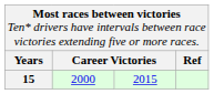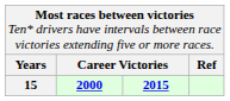 <table class="wikitable">
 <tr>
 <td style="background:#F2F2F2;" align="center" colspan="7"><strong>Most races between victories</strong><br><em>Ten* drivers have intervals between race<br>victories extending five or more races.</em></td>
 </tr>
 <tr>
 <td style="background:#F2F2F2;" align="center"><strong>Years</strong></td>
 <td style="background:#F2F2F2;" align="center" colspan="2"><strong>Career Victories</strong></td>
 <td style="background:#F2F2F2;" align="center"><strong>Ref</strong></td>
 </tr>
 <tr>
 <td style="background:#F2F2F2;" align="center"><strong>15</strong></td>
-<td style="background:#DFFFDF;" align="center"><a href='#'>2000</a></td>
-<td style="background:#DFFFDF;" align="center"><a href='#'>2015</a></td>
+<td style="background:#DFFFDF;" align="center"><strong><a href='#'>2000</a></strong></td>
+<td style="background:#DFFFDF;" align="center"><strong><a href='#'>2015</a></strong></td>
 <td style="background:#DFFFDF;" align="center"></td>
 </tr>
 </table>
